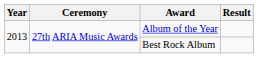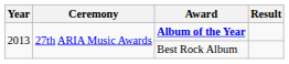 <table class="wikitable">
 <tr>
 <th>Year</th>
 <th>Ceremony</th>
 <th>Award</th>
 <th>Result</th>
 </tr>
 <tr>
 <td rowspan="2">2013</td>
 <td rowspan="2"><a href='#'>27th</a> <a href='#'>ARIA Music Awards</a></td>
-<td><a href='#'>Album of the Year</a></td>
+<td><strong><a href='#'>Album of the Year</a></strong></td>
 <td></td>
 </tr>
 <tr>
 <td>Best Rock Album</td>
 <td></td>
 </tr>
 </table>
